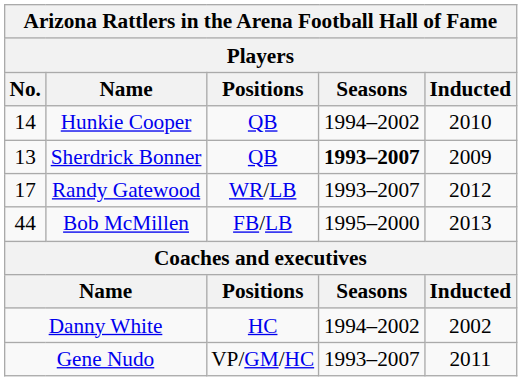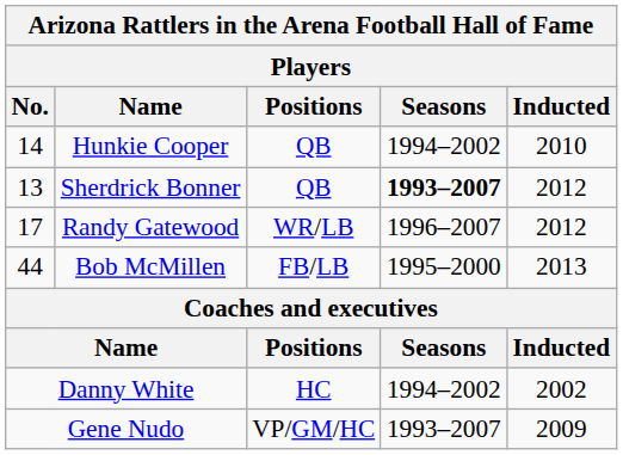 <table class="wikitable" style="text-align:center">
 <tr>
 <th colspan="5">Arizona Rattlers in the Arena Football Hall of Fame</th>
 </tr>
 <tr>
 <th colspan="5">Players</th>
 </tr>
 <tr>
 <th>No.</th>
 <th>Name</th>
 <th>Positions</th>
 <th>Seasons</th>
 <th>Inducted</th>
 </tr>
 <tr>
 <td>14</td>
 <td><a href='#'>Hunkie Cooper</a></td>
 <td><a href='#'>QB</a></td>
 <td>1994–2002</td>
 <td>2010</td>
 </tr>
 <tr>
 <td>13</td>
 <td><a href='#'>Sherdrick Bonner</a></td>
 <td><a href='#'>QB</a></td>
 <td><strong>1993–2007</strong></td>
-<td>2009</td>
+<td>2012</td>
 </tr>
 <tr>
 <td>17</td>
 <td><a href='#'>Randy Gatewood</a></td>
 <td><a href='#'>WR</a>/<a href='#'>LB</a></td>
-<td>1993–2007</td>
+<td>1996–2007</td>
 <td>2012</td>
 </tr>
 <tr>
 <td>44</td>
 <td><a href='#'>Bob McMillen</a></td>
 <td><a href='#'>FB</a>/<a href='#'>LB</a></td>
 <td>1995–2000</td>
 <td>2013</td>
 </tr>
 <tr>
 <th colspan="5">Coaches and executives</th>
 </tr>
 <tr>
 <th colspan="2">Name</th>
 <th>Positions</th>
 <th>Seasons</th>
 <th>Inducted</th>
 </tr>
 <tr>
 <td colspan="2"><a href='#'>Danny White</a></td>
 <td><a href='#'>HC</a></td>
 <td>1994–2002</td>
 <td>2002</td>
 </tr>
 <tr>
 <td colspan="2"><a href='#'>Gene Nudo</a></td>
 <td>VP/<a href='#'>GM</a>/<a href='#'>HC</a></td>
 <td>1993–2007</td>
-<td>2011</td>
+<td>2009</td>
 </tr>
 </table>
